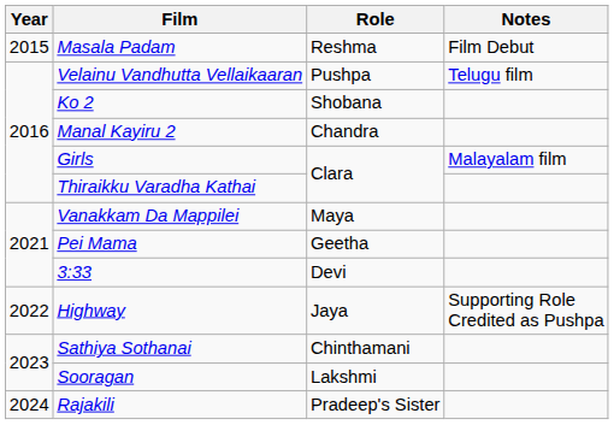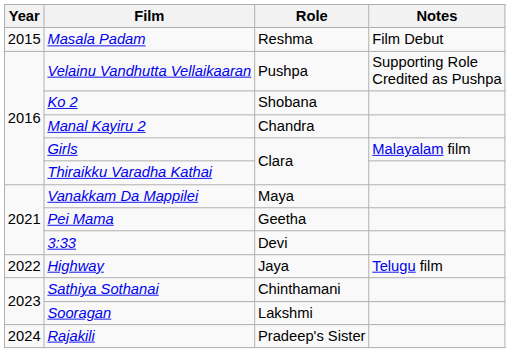 <table class="wikitable sortable">
 <tr>
 <th>Year</th>
 <th>Film</th>
 <th>Role</th>
 <th>Notes</th>
 </tr>
 <tr>
 <td rowspan="1">2015</td>
 <td><em><a href='#'>Masala Padam</a></em></td>
 <td>Reshma</td>
 <td>Film Debut</td>
 </tr>
 <tr>
 <td rowspan="5">2016</td>
 <td><em><a href='#'>Velainu Vandhutta Vellaikaaran</a></em></td>
 <td>Pushpa</td>
-<td><a href='#'>Telugu</a> film</td>
+<td>Supporting Role <br> Credited as Pushpa</td>
 </tr>
 <tr>
 <td><em><a href='#'>Ko 2</a></em></td>
 <td>Shobana</td>
 <td></td>
 </tr>
 <tr>
 <td><em><a href='#'>Manal Kayiru 2</a></em></td>
 <td>Chandra</td>
 <td></td>
 </tr>
 <tr>
 <td><em><a href='#'>Girls</a></em></td>
 <td rowspan="2">Clara</td>
 <td><a href='#'>Malayalam</a> film</td>
 </tr>
 <tr>
 <td><em><a href='#'>Thiraikku Varadha Kathai</a></em></td>
 <td></td>
 </tr>
 <tr>
 <td rowspan="3">2021</td>
 <td><em><a href='#'>Vanakkam Da Mappilei</a></em></td>
 <td>Maya</td>
 <td></td>
 </tr>
 <tr>
 <td><em><a href='#'>Pei Mama</a></em></td>
 <td>Geetha</td>
 <td></td>
 </tr>
 <tr>
 <td><em><a href='#'>3:33</a></em></td>
 <td>Devi</td>
 <td></td>
 </tr>
 <tr>
 <td rowspan="1">2022</td>
 <td><em><a href='#'>Highway</a></em></td>
 <td>Jaya</td>
-<td>Supporting Role <br> Credited as Pushpa</td>
+<td><a href='#'>Telugu</a> film</td>
 </tr>
 <tr>
 <td rowspan="2">2023</td>
 <td><em><a href='#'>Sathiya Sothanai</a></em></td>
 <td>Chinthamani</td>
 <td></td>
 </tr>
 <tr>
 <td><em><a href='#'>Sooragan</a></em></td>
 <td>Lakshmi</td>
 <td></td>
 </tr>
 <tr>
 <td>2024</td>
 <td><em><a href='#'>Rajakili</a></em></td>
 <td>Pradeep's Sister</td>
 <td></td>
 </tr>
 </table>
